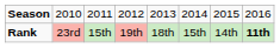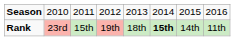 <table class="wikitable">
 <tr>
 <td><strong>Season</strong></td>
 <td>2010</td>
 <td>2011</td>
 <td>2012</td>
 <td>2013</td>
 <td>2014</td>
 <td>2015</td>
 <td>2016</td>
 </tr>
 <tr>
 <td><strong>Rank</strong></td>
 <td style="background:#fbb3ad; text-align:center">23rd</td>
 <td style="background:#ccebc5; text-align:center">15th</td>
 <td style="background:#fbb3ad; text-align:center">19th</td>
 <td style="background:#ccebc5; text-align:center">18th</td>
-<td style="background:#ccebc5; text-align:center">15th</td>
+<td style="background:#ccebc5; text-align:center"><strong>15th</strong></td>
 <td style="background:#ccebc5; text-align:center">14th</td>
-<td style="background:#ccebc5; text-align:center"><strong>11th</strong></td>
+<td style="background:#ccebc5; text-align:center">11th</td>
 </tr>
 </table>
